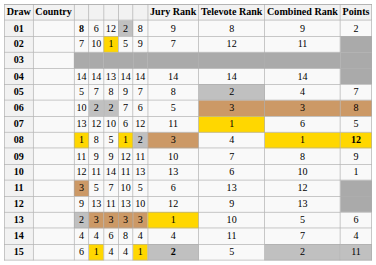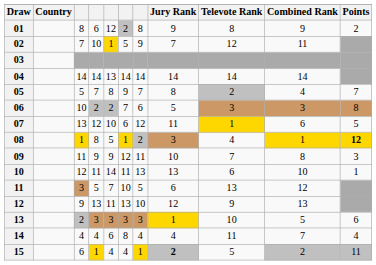 <table class="sortable wikitable collapsible plainrowheaders" style="text-align:center;">
 <tr>
 </tr>
 <tr>
 <th scope="col">Draw</th>
 <th scope="col">Country</th>
 <th scope="col"><small></small></th>
 <th scope="col"><small></small></th>
 <th scope="col"><small></small></th>
 <th scope="col"><small></small></th>
 <th scope="col"><small></small></th>
 <th scope="col">Jury Rank</th>
 <th scope="col">Televote Rank</th>
 <th scope="col">Combined Rank</th>
 <th scope="col">Points</th>
 </tr>
 <tr>
 <th scope="row" style="text-align:center;">01</th>
 <td style="text-align:left;"></td>
-<td><strong>8</strong></td>
+<td>8</td>
 <td>6</td>
 <td>12</td>
 <td style="background:silver;">2</td>
 <td>8</td>
 <td>9</td>
 <td>8</td>
 <td>9</td>
 <td>2</td>
 </tr>
 <tr>
 <th scope="row" style="text-align:center;">02</th>
 <td style="text-align:left;"></td>
 <td>7</td>
 <td>10</td>
 <td style="background:gold;">1</td>
 <td>5</td>
 <td>9</td>
 <td>7</td>
 <td>12</td>
 <td>11</td>
 <td style="background:#AAAAAA;"></td>
 </tr>
 <tr class="sortbottom">
 <th scope="row" style="text-align:center;">03</th>
 <td style="text-align:left;"></td>
 <td style="background:#AAAAAA;"></td>
 <td style="background:#AAAAAA;"></td>
 <td style="background:#AAAAAA;"></td>
 <td style="background:#AAAAAA;"></td>
 <td style="background:#AAAAAA;"></td>
 <td style="background:#AAAAAA;"></td>
 <td style="background:#AAAAAA;"></td>
 <td style="background:#AAAAAA;"></td>
 <td style="background:#AAAAAA;"></td>
 </tr>
 <tr>
 <th scope="row" style="text-align:center;">04</th>
 <td style="text-align:left;"></td>
 <td>14</td>
 <td>14</td>
 <td>13</td>
 <td>14</td>
 <td>14</td>
 <td>14</td>
 <td>14</td>
 <td>14</td>
 <td style="background:#AAAAAA;"></td>
 </tr>
 <tr>
 <th scope="row" style="text-align:center;">05</th>
 <td style="text-align:left;"></td>
 <td>5</td>
 <td>7</td>
 <td>8</td>
 <td>9</td>
 <td>7</td>
 <td>8</td>
 <td style="background:silver;">2</td>
 <td>4</td>
 <td>7</td>
 </tr>
 <tr>
 <th scope="row" style="text-align:center;">06</th>
 <td style="text-align:left;"></td>
 <td>10</td>
 <td style="background:silver;">2</td>
 <td style="background:silver;">2</td>
 <td>7</td>
 <td>6</td>
 <td>5</td>
 <td style="background:#CC9966;">3</td>
 <td style="background:#CC9966;">3</td>
 <td style="background:#CC9966;">8</td>
 </tr>
 <tr>
 <th scope="row" style="text-align:center;">07</th>
 <td style="text-align:left;"></td>
 <td>13</td>
 <td>12</td>
 <td>10</td>
 <td>6</td>
 <td>12</td>
 <td>11</td>
 <td style="background:gold;">1</td>
 <td>6</td>
 <td>5</td>
 </tr>
 <tr>
 <th scope="row" style="text-align:center;">08</th>
 <td style="text-align:left;"></td>
 <td style="background:gold;">1</td>
 <td>8</td>
 <td>5</td>
 <td style="background:gold;">1</td>
 <td style="background:silver;">2</td>
 <td style="background:#CC9966;">3</td>
 <td>4</td>
 <td style="background:gold;">1</td>
 <td style="background:gold;"><strong>12</strong></td>
 </tr>
 <tr>
 <th scope="row" style="text-align:center;">09</th>
 <td style="text-align:left;"></td>
 <td>11</td>
 <td>9</td>
 <td>9</td>
 <td>12</td>
 <td>11</td>
 <td>10</td>
 <td>7</td>
 <td>8</td>
-<td>9</td>
+<td>3</td>
 </tr>
 <tr>
 <th scope="row" style="text-align:center;">10</th>
 <td style="text-align:left;"></td>
 <td>12</td>
 <td>11</td>
 <td>14</td>
 <td>11</td>
 <td>13</td>
 <td>13</td>
 <td>6</td>
 <td>10</td>
 <td>1</td>
 </tr>
 <tr>
 <th scope="row" style="text-align:center;">11</th>
 <td style="text-align:left;"></td>
 <td style="background:#CC9966;">3</td>
 <td>5</td>
 <td>7</td>
 <td>10</td>
 <td>5</td>
 <td>6</td>
 <td>13</td>
 <td>12</td>
 <td style="background:#AAAAAA;"></td>
 </tr>
 <tr>
 <th scope="row" style="text-align:center;">12</th>
 <td style="text-align:left;"></td>
 <td>9</td>
 <td>13</td>
 <td>11</td>
 <td>13</td>
 <td>10</td>
 <td>12</td>
 <td>9</td>
 <td>13</td>
 <td style="background:#AAAAAA;"></td>
 </tr>
 <tr>
 <th scope="row" style="text-align:center;">13</th>
 <td style="text-align:left;"></td>
 <td style="background:silver;">2</td>
 <td style="background:#CC9966;">3</td>
 <td style="background:#CC9966;">3</td>
 <td style="background:#CC9966;">3</td>
 <td style="background:#CC9966;">3</td>
 <td style="background:gold;">1</td>
 <td>10</td>
 <td>5</td>
 <td>6</td>
 </tr>
 <tr>
 <th scope="row" style="text-align:center;">14</th>
 <td style="text-align:left;"></td>
 <td>4</td>
 <td>4</td>
 <td>6</td>
 <td>8</td>
 <td>4</td>
 <td>4</td>
 <td>11</td>
 <td>7</td>
 <td>4</td>
 </tr>
 <tr>
 <th scope="row" style="text-align:center;">15</th>
 <td style="text-align:left;"></td>
 <td>6</td>
 <td style="background:gold;">1</td>
 <td>4</td>
 <td>4</td>
 <td style="background:gold;">1</td>
 <td style="background:silver;"><strong>2</strong></td>
 <td>5</td>
 <td style="background:silver;">2</td>
 <td style="background:silver;">11</td>
 </tr>
 </table>
